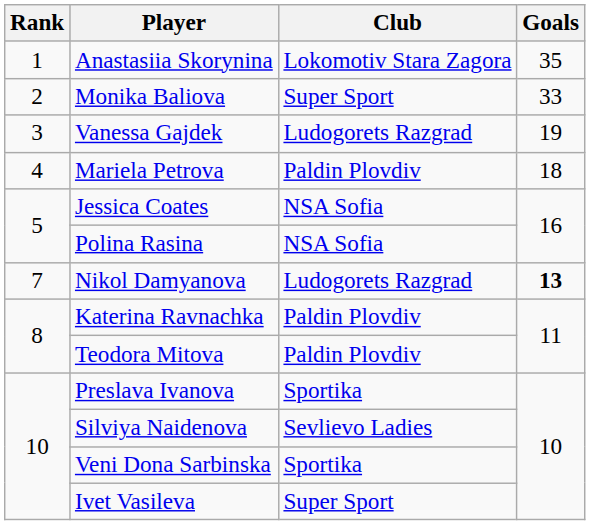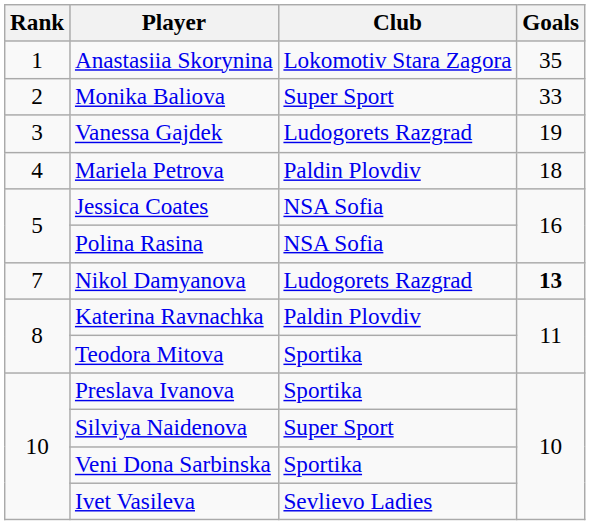 <table class="wikitable" style="text-align:center">
 <tr>
 <th>Rank</th>
 <th>Player</th>
 <th>Club</th>
 <th>Goals</th>
 </tr>
 <tr>
 <td rowspan=1>1</td>
 <td align="left"> <a href='#'>Anastasiia Skorynina</a></td>
 <td align="left"><a href='#'>Lokomotiv Stara Zagora</a></td>
 <td>35</td>
 </tr>
 <tr>
 <td>2</td>
 <td align="left"> <a href='#'>Monika Baliova</a></td>
 <td align="left"><a href='#'>Super Sport</a></td>
 <td>33</td>
 </tr>
 <tr>
 <td>3</td>
 <td align="left"> <a href='#'>Vanessa Gajdek</a></td>
 <td align="left"><a href='#'>Ludogorets Razgrad</a></td>
 <td>19</td>
 </tr>
 <tr>
 <td>4</td>
 <td align=left> <a href='#'>Mariela Petrova</a></td>
 <td align="left"><a href='#'>Paldin Plovdiv</a></td>
 <td>18</td>
 </tr>
 <tr>
 <td rowspan=2>5</td>
 <td align="left"> <a href='#'>Jessica Coates</a></td>
 <td align="left"><a href='#'>NSA Sofia</a></td>
 <td rowspan=2>16</td>
 </tr>
 <tr>
 <td align="left"> <a href='#'>Polina Rasina</a></td>
 <td align="left"><a href='#'>NSA Sofia</a></td>
 </tr>
 <tr>
 <td>7</td>
 <td align="left"> <a href='#'>Nikol Damyanova</a></td>
 <td align="left"><a href='#'>Ludogorets Razgrad</a></td>
 <td><strong>13</strong></td>
 </tr>
 <tr>
 <td rowspan=2>8</td>
 <td align="left"> <a href='#'>Katerina Ravnachka</a></td>
 <td align="left"><a href='#'>Paldin Plovdiv</a></td>
 <td rowspan=2>11</td>
 </tr>
 <tr>
 <td align="left"> <a href='#'>Teodora Mitova</a></td>
-<td align="left"><a href='#'>Paldin Plovdiv</a></td>
+<td align="left"><a href='#'>Sportika</a></td>
 </tr>
 <tr>
 <td rowspan=4>10</td>
 <td align=left> <a href='#'>Preslava Ivanova</a></td>
 <td align=left><a href='#'>Sportika</a></td>
 <td rowspan=4>10</td>
 </tr>
 <tr>
 <td align="left"> <a href='#'>Silviya Naidenova</a></td>
-<td align="left"><a href='#'>Sevlievo Ladies</a></td>
+<td align="left"><a href='#'>Super Sport</a></td>
 </tr>
 <tr>
 <td align="left"> <a href='#'>Veni Dona Sarbinska</a></td>
 <td align="left"><a href='#'>Sportika</a></td>
 </tr>
 <tr>
 <td align="left"> <a href='#'>Ivet Vasileva</a></td>
-<td align="left"><a href='#'>Super Sport</a></td>
+<td align="left"><a href='#'>Sevlievo Ladies</a></td>
 </tr>
 </table>
